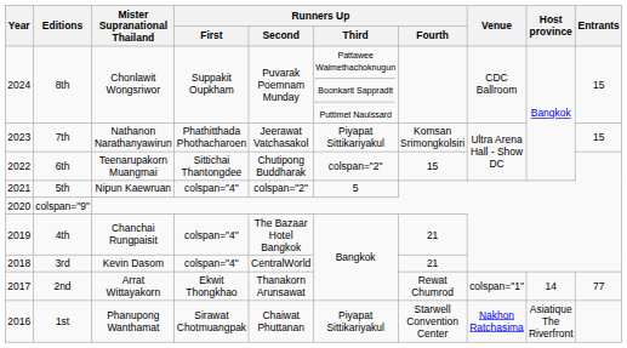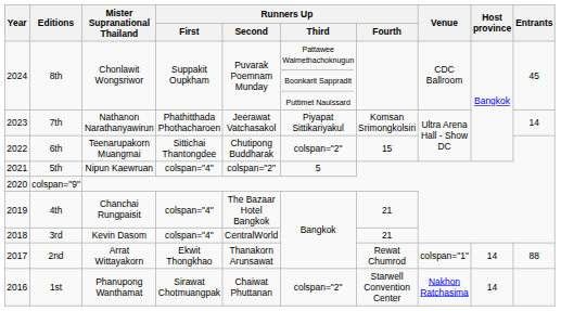 <table class="wikitable" style="font-size: 80%;">
 <tr>
 <th rowspan="2" width="1%">Year</th>
 <th rowspan="2" width="1%">Editions</th>
 <th rowspan="2"  width="202">Mister Supranational Thailand</th>
 <th colspan="4" width="900">Runners Up</th>
 <th rowspan="2" width="14%">Venue</th>
 <th rowspan="2" width="10%">Host province</th>
 <th rowspan="2" width="1%">Entrants</th>
 </tr>
 <tr>
 <th width="190">First</th>
 <th width="170">Second</th>
 <th width="180">Third</th>
 <th width="260">Fourth</th>
 </tr>
 <tr style="text-align:center;">
 <td>2024</td>
 <td>8th</td>
 <td>Chonlawit Wongsriwor<br></td>
 <td>Suppakit Oupkham<br></td>
 <td>Puvarak Poemnam Munday<br></td>
 <td><small>Pattawee Waimethachoknugun<br></small><hr> <small>Boonkarit Sappradit<br></small><hr> <small>Puttimet Naulssard<br></small></td>
 <td></td>
 <td>CDC Ballroom</td>
 <td rowspan="3"><a href='#'>Bangkok</a></td>
-<td>15</td>
+<td>45</td>
 </tr>
 <tr style="text-align:center;">
 <td>2023</td>
 <td>7th</td>
 <td>Nathanon Narathanyawirun<br></td>
 <td>Phathitthada Phothacharoen<br></td>
 <td>Jeerawat Vatchasakol<br></td>
 <td>Piyapat Sittikariyakul<br></td>
 <td>Komsan Srimongkolsiri<br></td>
 <td rowspan="2">Ultra Arena Hall - Show DC</td>
-<td>15</td>
+<td>14</td>
 </tr>
 <tr style="text-align:center;">
 <td>2022</td>
 <td>6th</td>
 <td>Teenarupakorn Muangmai<br></td>
 <td>Sittichai Thantongdee<br></td>
 <td>Chutipong Buddharak<br></td>
 <td>colspan="2" </td>
 <td>15</td>
 </tr>
 <tr style="text-align:center;">
 <td>2021</td>
 <td>5th</td>
 <td>Nipun Kaewruan<br></td>
 <td>colspan="4" </td>
 <td>colspan="2" </td>
 <td>5</td>
 </tr>
 <tr style="text-align:center;">
 <td>2020</td>
 <td>colspan="9" </td>
 </tr>
 <tr style="text-align:center;">
 <td>2019</td>
 <td>4th</td>
 <td>Chanchai Rungpaisit<br></td>
 <td>colspan="4" </td>
 <td>The Bazaar Hotel Bangkok</td>
 <td rowspan="3">Bangkok</td>
 <td>21</td>
 </tr>
 <tr style="text-align:center;">
 <td>2018</td>
 <td>3rd</td>
 <td>Kevin Dasom<br></td>
 <td>colspan="4" </td>
 <td>CentralWorld</td>
 <td>21</td>
 </tr>
 <tr style="text-align:center;">
 <td>2017</td>
 <td>2nd</td>
 <td>Arrat Wittayakorn<br></td>
 <td>Ekwit Thongkhao<br></td>
 <td>Thanakorn Arunsawat<br></td>
 <td>Rewat Chumrod<br></td>
 <td>colspan="1" </td>
 <td>14</td>
-<td>77</td>
+<td>88</td>
 </tr>
 <tr style="text-align:center;">
 <td>2016</td>
 <td>1st</td>
 <td>Phanupong Wanthamat<br></td>
 <td>Sirawat Chotmuangpak<br></td>
 <td>Chaiwat Phuttanan<br></td>
-<td>Piyapat Sittikariyakul<br></td>
+<td>colspan="2" </td>
 <td>Starwell Convention Center</td>
 <td><a href='#'>Nakhon Ratchasima</a></td>
-<td>Asiatique The Riverfront</td>
+<td>14</td>
 </tr>
 </table>
